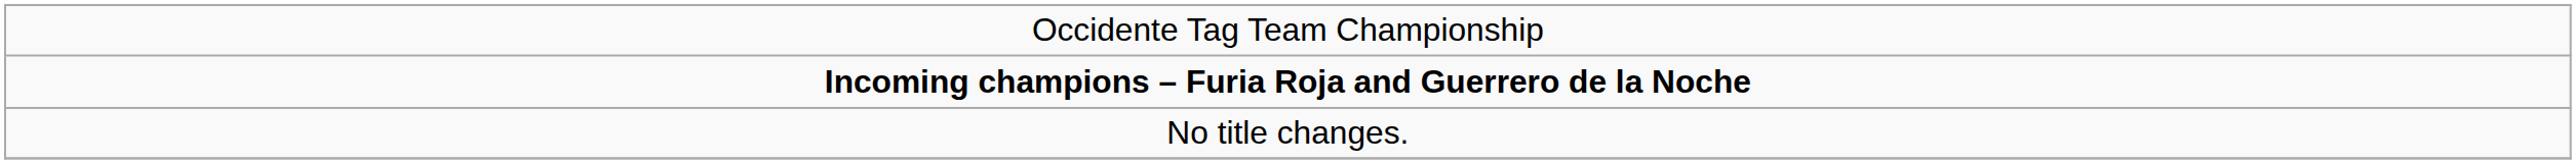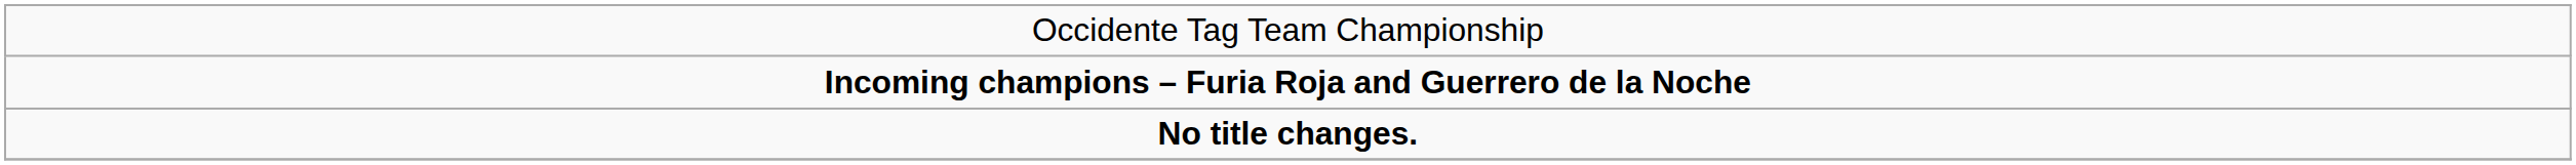 <table class="wikitable" style="text-align:center; width:100%;">
 <tr>
 <td colspan="5" style="text-align: center;">Occidente Tag Team Championship</td>
 </tr>
 <tr>
 <td colspan="5" style="text-align: center;"><strong>Incoming champions – Furia Roja and Guerrero de la Noche</strong></td>
 </tr>
 <tr>
-<td>No title changes.</td>
+<td><strong>No title changes.</strong></td>
 </tr>
 <tr>
 </tr>
 </table>
